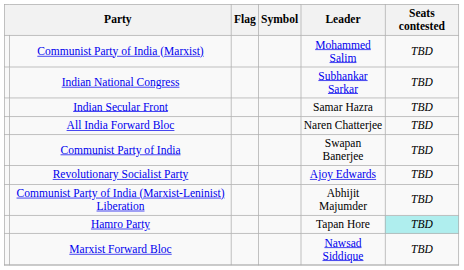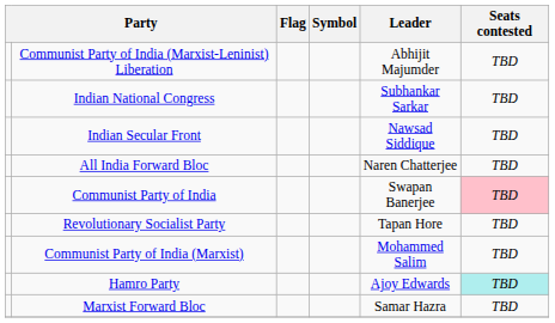 <table class="wikitable" width="50%" style="text-align:center;">
 <tr>
 <th colspan="2">Party</th>
 <th>Flag</th>
 <th>Symbol</th>
 <th>Leader</th>
 <th>Seats contested</th>
 </tr>
 <tr>
-<td style="background-color: "></td>
-<td><a href='#'>Communist Party of India (Marxist)</a></td>
+<td style="background-color:"></td>
+<td><a href='#'>Communist Party of India (Marxist-Leninist) Liberation</a></td>
 <td></td>
 <td></td>
-<td><a href='#'>Mohammed Salim</a></td>
+<td>Abhijit Majumder</td>
 <td><em>TBD</em></td>
 </tr>
 <tr>
 <td style="background-color:"></td>
 <td><a href='#'>Indian National Congress</a></td>
 <td></td>
 <td></td>
 <td><a href='#'>Subhankar Sarkar</a></td>
 <td><em>TBD</em></td>
 </tr>
 <tr>
 <td style="background-color:"></td>
 <td><a href='#'>Indian Secular Front</a></td>
 <td></td>
 <td></td>
-<td>Samar Hazra</td>
+<td><a href='#'>Nawsad Siddique</a></td>
 <td><em>TBD</em></td>
 </tr>
 <tr>
 <td style="background-color:"></td>
 <td><a href='#'>All India Forward Bloc</a></td>
 <td></td>
 <td></td>
 <td>Naren Chatterjee</td>
 <td><em>TBD</em></td>
 </tr>
 <tr>
 <td style="background-color:"></td>
 <td><a href='#'>Communist Party of India</a></td>
 <td></td>
 <td></td>
 <td>Swapan Banerjee</td>
-<td><em>TBD</em></td>
+<td style="background: pink;"><em>TBD</em></td>
 </tr>
 <tr>
 <td style="background-color:"></td>
 <td><a href='#'>Revolutionary Socialist Party</a></td>
 <td></td>
 <td></td>
-<td><a href='#'>Ajoy Edwards</a></td>
+<td>Tapan Hore</td>
 <td><em>TBD</em></td>
 </tr>
 <tr>
-<td style="background-color:"></td>
-<td><a href='#'>Communist Party of India (Marxist-Leninist) Liberation</a></td>
+<td style="background-color: "></td>
+<td><a href='#'>Communist Party of India (Marxist)</a></td>
 <td></td>
 <td></td>
-<td>Abhijit Majumder</td>
+<td><a href='#'>Mohammed Salim</a></td>
 <td><em>TBD</em></td>
 </tr>
 <tr>
 <td style="background-color:"></td>
 <td><a href='#'>Hamro Party</a></td>
 <td></td>
 <td></td>
-<td>Tapan Hore</td>
+<td><a href='#'>Ajoy Edwards</a></td>
 <td style="background: paleturquoise;"><em>TBD</em></td>
 </tr>
 <tr>
 <td style="background-color: "></td>
 <td><a href='#'>Marxist Forward Bloc</a></td>
 <td></td>
 <td></td>
-<td><a href='#'>Nawsad Siddique</a></td>
+<td>Samar Hazra</td>
 <td><em>TBD</em></td>
 </tr>
 <tr>
 </tr>
 </table>
